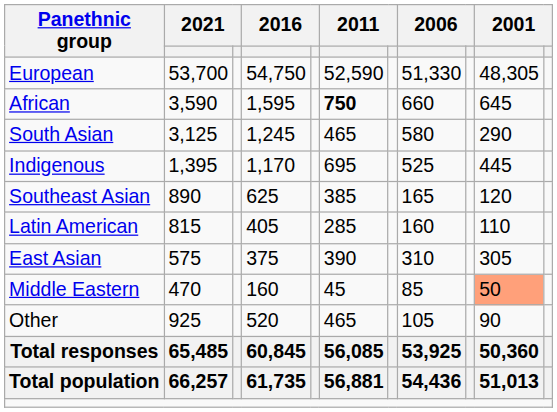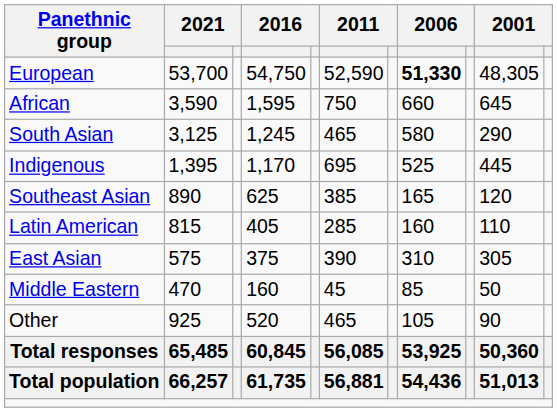 <table class="wikitable collapsible sortable">
 <tr>
 <th rowspan="2"><a href='#'>Panethnic</a><br>group</th>
 <th colspan="2">2021</th>
 <th colspan="2">2016</th>
 <th colspan="2">2011</th>
 <th colspan="2">2006</th>
 <th colspan="2">2001</th>
 </tr>
 <tr>
 <th><a href='#'></a></th>
 <th></th>
 <th></th>
 <th></th>
 <th></th>
 <th></th>
 <th></th>
 <th></th>
 <th></th>
 <th></th>
 </tr>
 <tr>
 <td><a href='#'>European</a></td>
 <td>53,700</td>
 <td></td>
 <td>54,750</td>
 <td></td>
 <td>52,590</td>
 <td></td>
-<td>51,330</td>
+<td><strong>51,330</strong></td>
 <td></td>
 <td>48,305</td>
 <td></td>
 </tr>
 <tr>
 <td><a href='#'>African</a></td>
 <td>3,590</td>
 <td></td>
 <td>1,595</td>
 <td></td>
-<td><strong>750</strong></td>
+<td>750</td>
 <td></td>
 <td>660</td>
 <td></td>
 <td>645</td>
 <td></td>
 </tr>
 <tr>
 <td><a href='#'>South Asian</a></td>
 <td>3,125</td>
 <td></td>
 <td>1,245</td>
 <td></td>
 <td>465</td>
 <td></td>
 <td>580</td>
 <td></td>
 <td>290</td>
 <td></td>
 </tr>
 <tr>
 <td><a href='#'>Indigenous</a></td>
 <td>1,395</td>
 <td></td>
 <td>1,170</td>
 <td></td>
 <td>695</td>
 <td></td>
 <td>525</td>
 <td></td>
 <td>445</td>
 <td></td>
 </tr>
 <tr>
 <td><a href='#'>Southeast Asian</a></td>
 <td>890</td>
 <td></td>
 <td>625</td>
 <td></td>
 <td>385</td>
 <td></td>
 <td>165</td>
 <td></td>
 <td>120</td>
 <td></td>
 </tr>
 <tr>
 <td><a href='#'>Latin American</a></td>
 <td>815</td>
 <td></td>
 <td>405</td>
 <td></td>
 <td>285</td>
 <td></td>
 <td>160</td>
 <td></td>
 <td>110</td>
 <td></td>
 </tr>
 <tr>
 <td><a href='#'>East Asian</a></td>
 <td>575</td>
 <td></td>
 <td>375</td>
 <td></td>
 <td>390</td>
 <td></td>
 <td>310</td>
 <td></td>
 <td>305</td>
 <td></td>
 </tr>
 <tr>
 <td><a href='#'>Middle Eastern</a></td>
 <td>470</td>
 <td></td>
 <td>160</td>
 <td></td>
 <td>45</td>
 <td></td>
 <td>85</td>
 <td></td>
-<td style="background: lightsalmon;">50</td>
+<td>50</td>
 <td></td>
 </tr>
 <tr>
 <td>Other</td>
 <td>925</td>
 <td></td>
 <td>520</td>
 <td></td>
 <td>465</td>
 <td></td>
 <td>105</td>
 <td></td>
 <td>90</td>
 <td></td>
 </tr>
 <tr>
 <th>Total responses</th>
 <th>65,485</th>
 <th></th>
 <th>60,845</th>
 <th></th>
 <th>56,085</th>
 <th></th>
 <th>53,925</th>
 <th></th>
 <th>50,360</th>
 <th></th>
 </tr>
 <tr>
 <th>Total population</th>
 <th>66,257</th>
 <th></th>
 <th>61,735</th>
 <th></th>
 <th>56,881</th>
 <th></th>
 <th>54,436</th>
 <th></th>
 <th>51,013</th>
 <th></th>
 </tr>
 <tr class="sortbottom">
 <td colspan="15"></td>
 </tr>
 </table>
